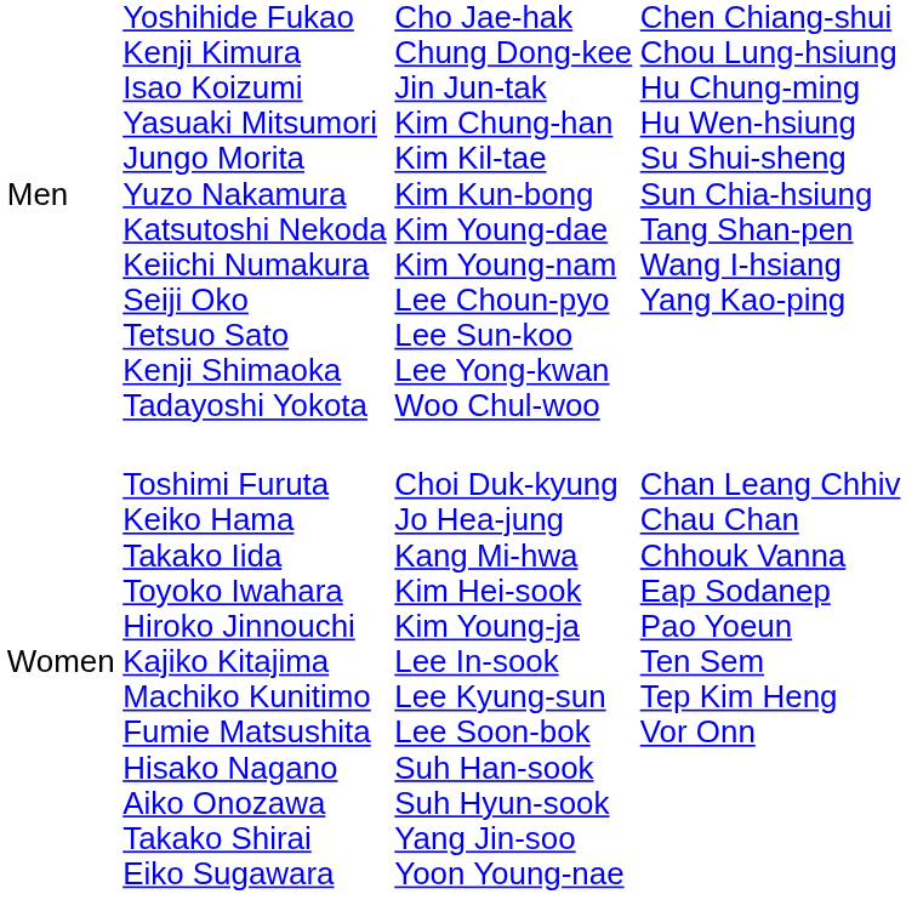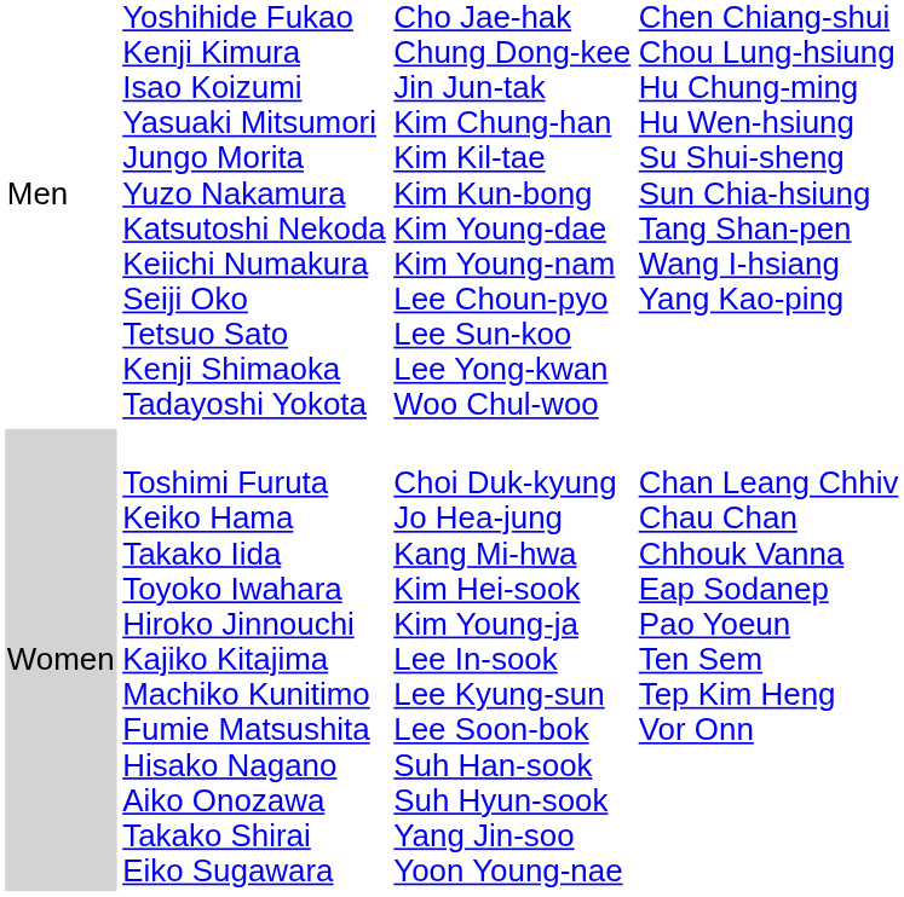 <table>
 <tr>
 <td>Men<br></td>
 <td><br><a href='#'>Yoshihide Fukao</a><br><a href='#'>Kenji Kimura</a><br><a href='#'>Isao Koizumi</a><br><a href='#'>Yasuaki Mitsumori</a><br><a href='#'>Jungo Morita</a><br><a href='#'>Yuzo Nakamura</a><br><a href='#'>Katsutoshi Nekoda</a><br><a href='#'>Keiichi Numakura</a><br><a href='#'>Seiji Oko</a><br><a href='#'>Tetsuo Sato</a><br><a href='#'>Kenji Shimaoka</a><br><a href='#'>Tadayoshi Yokota</a></td>
 <td><br><a href='#'>Cho Jae-hak</a><br><a href='#'>Chung Dong-kee</a><br><a href='#'>Jin Jun-tak</a><br><a href='#'>Kim Chung-han</a><br><a href='#'>Kim Kil-tae</a><br><a href='#'>Kim Kun-bong</a><br><a href='#'>Kim Young-dae</a><br><a href='#'>Kim Young-nam</a><br><a href='#'>Lee Choun-pyo</a><br><a href='#'>Lee Sun-koo</a><br><a href='#'>Lee Yong-kwan</a><br><a href='#'>Woo Chul-woo</a></td>
 <td valign=top><br><a href='#'>Chen Chiang-shui</a><br><a href='#'>Chou Lung-hsiung</a><br><a href='#'>Hu Chung-ming</a><br><a href='#'>Hu Wen-hsiung</a><br><a href='#'>Su Shui-sheng</a><br><a href='#'>Sun Chia-hsiung</a><br><a href='#'>Tang Shan-pen</a><br><a href='#'>Wang I-hsiang</a><br><a href='#'>Yang Kao-ping</a></td>
 </tr>
 <tr>
-<td>Women<br></td>
+<td style="background: lightgrey;">Women<br></td>
 <td><br><a href='#'>Toshimi Furuta</a><br><a href='#'>Keiko Hama</a><br><a href='#'>Takako Iida</a><br><a href='#'>Toyoko Iwahara</a><br><a href='#'>Hiroko Jinnouchi</a><br><a href='#'>Kajiko Kitajima</a><br><a href='#'>Machiko Kunitimo</a><br><a href='#'>Fumie Matsushita</a><br><a href='#'>Hisako Nagano</a><br><a href='#'>Aiko Onozawa</a><br><a href='#'>Takako Shirai</a><br><a href='#'>Eiko Sugawara</a></td>
 <td><br><a href='#'>Choi Duk-kyung</a><br><a href='#'>Jo Hea-jung</a><br><a href='#'>Kang Mi-hwa</a><br><a href='#'>Kim Hei-sook</a><br><a href='#'>Kim Young-ja</a><br><a href='#'>Lee In-sook</a><br><a href='#'>Lee Kyung-sun</a><br><a href='#'>Lee Soon-bok</a><br><a href='#'>Suh Han-sook</a><br><a href='#'>Suh Hyun-sook</a><br><a href='#'>Yang Jin-soo</a><br><a href='#'>Yoon Young-nae</a></td>
 <td valign=top><br><a href='#'>Chan Leang Chhiv</a><br><a href='#'>Chau Chan</a><br><a href='#'>Chhouk Vanna</a><br><a href='#'>Eap Sodanep</a><br><a href='#'>Pao Yoeun</a><br><a href='#'>Ten Sem</a><br><a href='#'>Tep Kim Heng</a><br><a href='#'>Vor Onn</a></td>
 </tr>
 </table>
